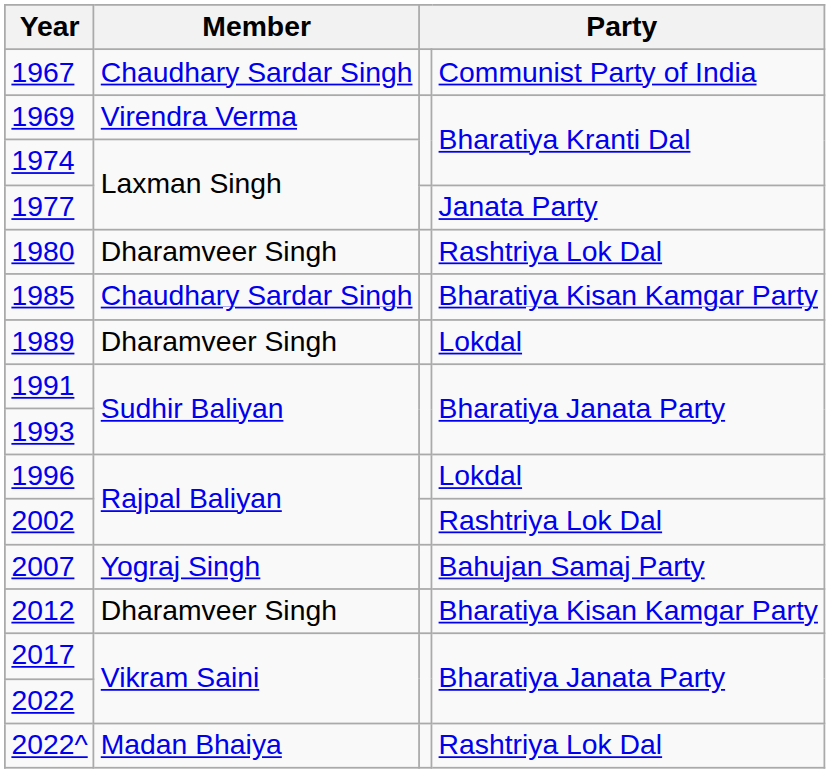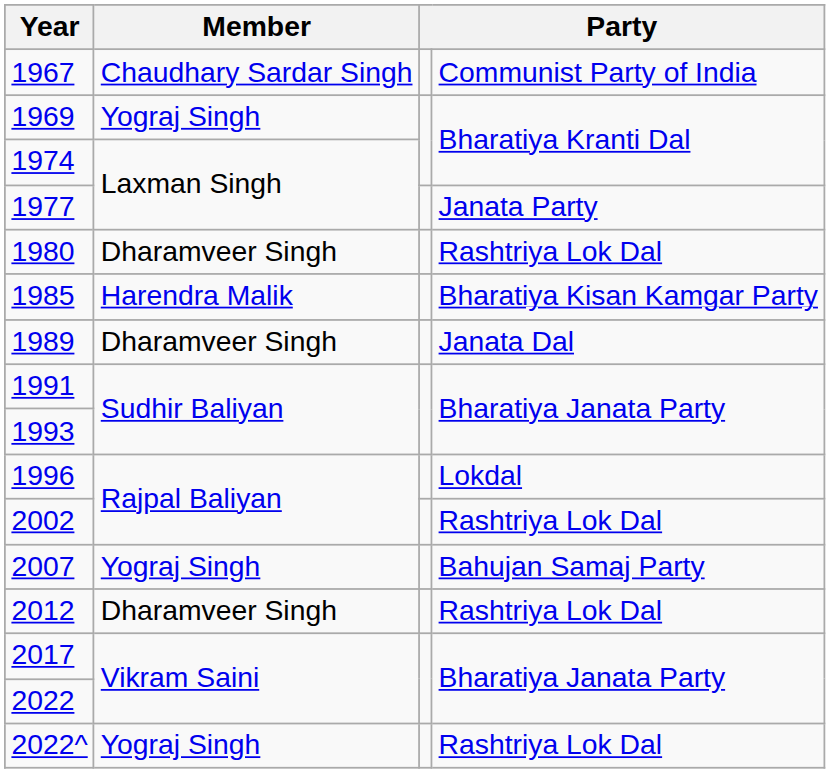 <table class="wikitable">
 <tr>
 <th>Year</th>
 <th>Member</th>
 <th colspan="2">Party</th>
 </tr>
 <tr>
 <td><a href='#'>1967</a></td>
 <td><a href='#'>Chaudhary Sardar Singh</a></td>
 <td style="background-color: "></td>
 <td><a href='#'>Communist Party of India</a></td>
 </tr>
 <tr>
 <td><a href='#'>1969</a></td>
-<td><a href='#'>Virendra Verma</a></td>
+<td><a href='#'>Yograj Singh</a></td>
 <td rowspan="2" style="background-color: "></td>
 <td rowspan="2"><a href='#'>Bharatiya Kranti Dal</a></td>
 </tr>
 <tr>
 <td><a href='#'>1974</a></td>
 <td rowspan="2">Laxman Singh</td>
 </tr>
 <tr>
 <td><a href='#'>1977</a></td>
 <td style="background-color: "></td>
 <td><a href='#'>Janata Party</a></td>
 </tr>
 <tr>
 <td><a href='#'>1980</a></td>
 <td>Dharamveer Singh</td>
 <td style="background-color: "></td>
 <td><a href='#'>Rashtriya Lok Dal</a></td>
 </tr>
 <tr>
 <td><a href='#'>1985</a></td>
-<td><a href='#'>Chaudhary Sardar Singh</a></td>
+<td><a href='#'>Harendra Malik</a></td>
 <td style="background-color: "></td>
 <td><a href='#'>Bharatiya Kisan Kamgar Party</a></td>
 </tr>
 <tr>
 <td><a href='#'>1989</a></td>
 <td>Dharamveer Singh</td>
 <td style="background-color: "></td>
-<td><a href='#'>Lokdal</a></td>
+<td><a href='#'>Janata Dal</a></td>
 </tr>
 <tr>
 <td><a href='#'>1991</a></td>
 <td rowspan="2"><a href='#'>Sudhir Baliyan</a></td>
 <td rowspan="2" style="background-color: "></td>
 <td rowspan="2"><a href='#'>Bharatiya Janata Party</a></td>
 </tr>
 <tr>
 <td><a href='#'>1993</a></td>
 </tr>
 <tr>
 <td><a href='#'>1996</a></td>
 <td rowspan="2"><a href='#'>Rajpal Baliyan</a></td>
 <td style="background-color: "></td>
 <td><a href='#'>Lokdal</a></td>
 </tr>
 <tr>
 <td><a href='#'>2002</a></td>
 <td style="background-color: "></td>
 <td><a href='#'>Rashtriya Lok Dal</a></td>
 </tr>
 <tr>
 <td><a href='#'>2007</a></td>
 <td><a href='#'>Yograj Singh</a></td>
 <td style="background-color: "></td>
 <td><a href='#'>Bahujan Samaj Party</a></td>
 </tr>
 <tr>
 <td><a href='#'>2012</a></td>
 <td>Dharamveer Singh</td>
 <td style="background-color: "></td>
-<td><a href='#'>Bharatiya Kisan Kamgar Party</a></td>
+<td><a href='#'>Rashtriya Lok Dal</a></td>
 </tr>
 <tr>
 <td><a href='#'>2017</a></td>
 <td rowspan="2"><a href='#'>Vikram Saini</a></td>
 <td rowspan="2" style="background-color: "></td>
 <td rowspan="2"><a href='#'>Bharatiya Janata Party</a></td>
 </tr>
 <tr>
 <td><a href='#'>2022</a></td>
 </tr>
 <tr>
 <td><a href='#'>2022^</a></td>
-<td><a href='#'>Madan Bhaiya</a></td>
+<td><a href='#'>Yograj Singh</a></td>
 <td style="background-color: "></td>
 <td><a href='#'>Rashtriya Lok Dal</a></td>
 </tr>
 </table>
